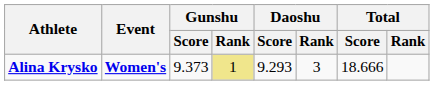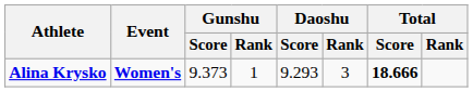 <table class=wikitable style="font-size:90%">
 <tr>
 <th rowspan=2>Athlete</th>
 <th rowspan=2>Event</th>
 <th colspan=2>Gunshu</th>
 <th colspan=2>Daoshu</th>
 <th colspan=2>Total</th>
 </tr>
 <tr style="font-size:95%">
 <th>Score</th>
 <th>Rank</th>
 <th>Score</th>
 <th>Rank</th>
 <th>Score</th>
 <th>Rank</th>
 </tr>
 <tr align=center>
 <td align=left><strong><a href='#'>Alina Krysko</a></strong></td>
 <td align=left><strong><a href='#'>Women's</a></strong></td>
 <td>9.373</td>
-<td style="background: khaki;">1</td>
+<td>1</td>
 <td>9.293</td>
 <td>3</td>
-<td>18.666</td>
+<td><strong>18.666</strong></td>
 <td></td>
 </tr>
 </table>
